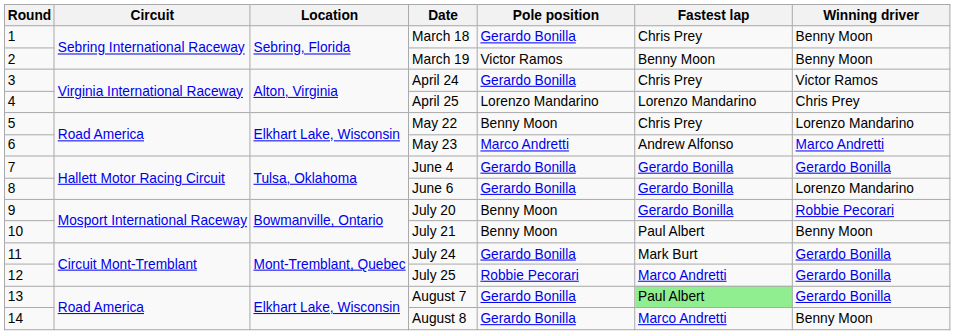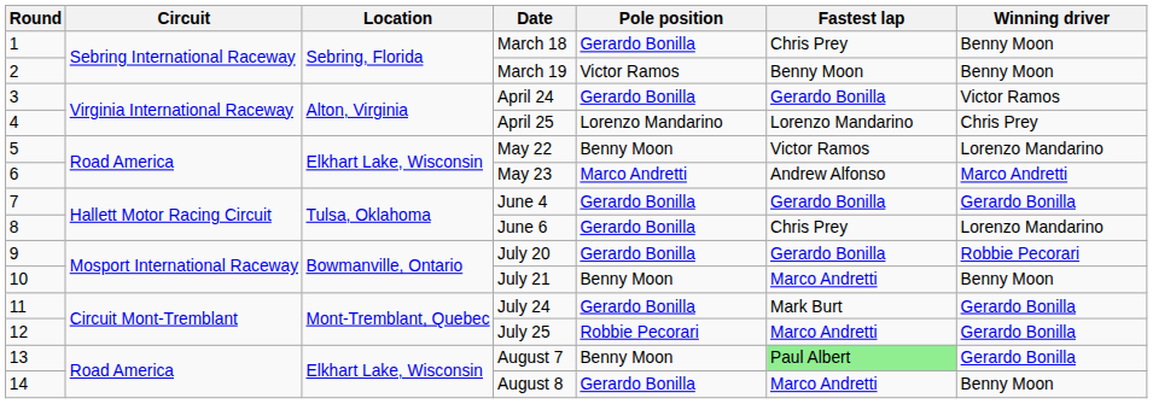 <table class="wikitable" style="font-size:85%;">
 <tr>
 <th>Round</th>
 <th>Circuit</th>
 <th>Location</th>
 <th style=width:4.5em>Date</th>
 <th style=width:11em>Pole position</th>
 <th style=width:11em>Fastest lap</th>
 <th style=width:11em>Winning driver</th>
 </tr>
 <tr>
 <td>1</td>
 <td rowspan="2"><a href='#'>Sebring International Raceway</a></td>
 <td rowspan="2"> <a href='#'>Sebring, Florida</a></td>
 <td>March 18</td>
 <td> <a href='#'>Gerardo Bonilla</a></td>
 <td> Chris Prey</td>
 <td> Benny Moon</td>
 </tr>
 <tr>
 <td>2</td>
 <td>March 19</td>
 <td> Victor Ramos</td>
 <td> Benny Moon</td>
 <td> Benny Moon</td>
 </tr>
 <tr>
 <td>3</td>
 <td rowspan="2"><a href='#'>Virginia International Raceway</a></td>
 <td rowspan="2"> <a href='#'>Alton, Virginia</a></td>
 <td>April 24</td>
 <td> <a href='#'>Gerardo Bonilla</a></td>
-<td> Chris Prey</td>
+<td> <a href='#'>Gerardo Bonilla</a></td>
 <td> Victor Ramos</td>
 </tr>
 <tr>
 <td>4</td>
 <td>April 25</td>
 <td> Lorenzo Mandarino</td>
 <td> Lorenzo Mandarino</td>
 <td> Chris Prey</td>
 </tr>
 <tr>
 <td>5</td>
 <td rowspan="2"><a href='#'>Road America</a></td>
 <td rowspan="2"> <a href='#'>Elkhart Lake, Wisconsin</a></td>
 <td>May 22</td>
 <td> Benny Moon</td>
-<td> Chris Prey</td>
+<td> Victor Ramos</td>
 <td> Lorenzo Mandarino</td>
 </tr>
 <tr>
 <td>6</td>
 <td>May 23</td>
 <td> <a href='#'>Marco Andretti</a></td>
 <td> Andrew Alfonso</td>
 <td> <a href='#'>Marco Andretti</a></td>
 </tr>
 <tr>
 <td>7</td>
 <td rowspan="2"><a href='#'>Hallett Motor Racing Circuit</a></td>
 <td rowspan="2"> <a href='#'>Tulsa, Oklahoma</a></td>
 <td>June 4</td>
 <td> <a href='#'>Gerardo Bonilla</a></td>
 <td> <a href='#'>Gerardo Bonilla</a></td>
 <td> <a href='#'>Gerardo Bonilla</a></td>
 </tr>
 <tr>
 <td>8</td>
 <td>June 6</td>
 <td> <a href='#'>Gerardo Bonilla</a></td>
-<td> <a href='#'>Gerardo Bonilla</a></td>
+<td> Chris Prey</td>
 <td> Lorenzo Mandarino</td>
 </tr>
 <tr>
 <td>9</td>
 <td rowspan="2"><a href='#'>Mosport International Raceway</a></td>
 <td rowspan="2"> <a href='#'>Bowmanville, Ontario</a></td>
 <td>July 20</td>
-<td> Benny Moon</td>
+<td> <a href='#'>Gerardo Bonilla</a></td>
 <td> <a href='#'>Gerardo Bonilla</a></td>
 <td> <a href='#'>Robbie Pecorari</a></td>
 </tr>
 <tr>
 <td>10</td>
 <td>July 21</td>
 <td> Benny Moon</td>
-<td> Paul Albert</td>
+<td> <a href='#'>Marco Andretti</a></td>
 <td> Benny Moon</td>
 </tr>
 <tr>
 <td>11</td>
 <td rowspan="2"><a href='#'>Circuit Mont-Tremblant</a></td>
 <td rowspan="2"> <a href='#'>Mont-Tremblant, Quebec</a></td>
 <td>July 24</td>
 <td> <a href='#'>Gerardo Bonilla</a></td>
 <td> Mark Burt</td>
 <td> <a href='#'>Gerardo Bonilla</a></td>
 </tr>
 <tr>
 <td>12</td>
 <td>July 25</td>
 <td> <a href='#'>Robbie Pecorari</a></td>
 <td> <a href='#'>Marco Andretti</a></td>
 <td> <a href='#'>Gerardo Bonilla</a></td>
 </tr>
 <tr>
 <td>13</td>
 <td rowspan="2"><a href='#'>Road America</a></td>
 <td rowspan="2"> <a href='#'>Elkhart Lake, Wisconsin</a></td>
 <td>August 7</td>
-<td> <a href='#'>Gerardo Bonilla</a></td>
+<td> Benny Moon</td>
 <td style="background: lightgreen;"> Paul Albert</td>
 <td> <a href='#'>Gerardo Bonilla</a></td>
 </tr>
 <tr>
 <td>14</td>
 <td>August 8</td>
 <td> <a href='#'>Gerardo Bonilla</a></td>
 <td> <a href='#'>Marco Andretti</a></td>
 <td> Benny Moon</td>
 </tr>
 </table>
